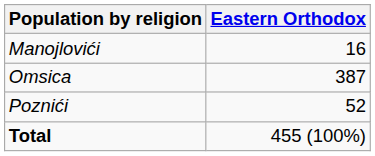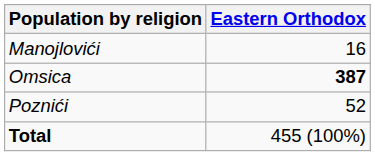 <table class="wikitable sortable">
 <tr>
 <th>Population by religion</th>
 <th><a href='#'>Eastern Orthodox</a></th>
 </tr>
 <tr>
 <td><em>Manojlovići</em></td>
 <td align="right">16</td>
 </tr>
 <tr>
 <td><em>Omsica</em></td>
-<td align="right">387</td>
+<td align="right"><strong>387</strong></td>
 </tr>
 <tr>
 <td><em>Poznići</em></td>
 <td align="right">52</td>
 </tr>
 <tr>
 <td><strong>Total</strong></td>
 <td align="right">455 (100%)</td>
 </tr>
 </table>
